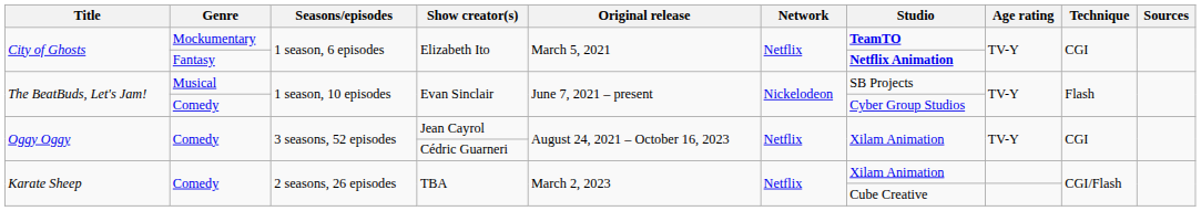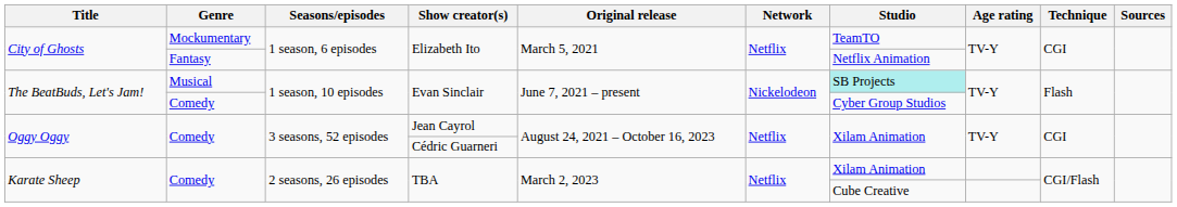 <table class="wikitable sortable" style="text-align: left; font-size:90%; width:100%;">
 <tr>
 <th>Title</th>
 <th>Genre</th>
 <th>Seasons/episodes</th>
 <th>Show creator(s)</th>
 <th>Original release</th>
 <th>Network</th>
 <th>Studio</th>
 <th>Age rating</th>
 <th>Technique</th>
 <th>Sources</th>
 </tr>
 <tr>
 <td rowspan="2"><em><a href='#'>City of Ghosts</a></em></td>
 <td><a href='#'>Mockumentary</a></td>
 <td rowspan="2">1 season, 6 episodes</td>
 <td rowspan="2">Elizabeth Ito</td>
 <td rowspan="2">March 5, 2021</td>
 <td rowspan="2"><a href='#'>Netflix</a></td>
-<td><strong><a href='#'>TeamTO</a></strong></td>
+<td><a href='#'>TeamTO</a></td>
 <td rowspan="2">TV-Y</td>
 <td rowspan="2">CGI</td>
 <td rowspan="2"></td>
 </tr>
 <tr>
 <td><a href='#'>Fantasy</a></td>
-<td><strong><a href='#'>Netflix Animation</a></strong></td>
+<td><a href='#'>Netflix Animation</a></td>
 </tr>
 <tr>
 <td rowspan="2"><em>The BeatBuds, Let's Jam!</em></td>
 <td><a href='#'>Musical</a></td>
 <td rowspan="2">1 season, 10 episodes</td>
 <td rowspan="2">Evan Sinclair</td>
 <td rowspan="2">June 7, 2021 – present</td>
 <td rowspan="2"><a href='#'>Nickelodeon</a></td>
-<td>SB Projects</td>
+<td style="background: paleturquoise;">SB Projects</td>
 <td rowspan="2">TV-Y</td>
 <td rowspan="2">Flash</td>
 <td rowspan="2"></td>
 </tr>
 <tr>
 <td><a href='#'>Comedy</a></td>
 <td><a href='#'>Cyber Group Studios</a></td>
 </tr>
 <tr>
 <td rowspan="2"><em><a href='#'>Oggy Oggy</a></em></td>
 <td rowspan="2"><a href='#'>Comedy</a></td>
 <td rowspan="2">3 seasons, 52 episodes</td>
 <td>Jean Cayrol</td>
 <td rowspan="2">August 24, 2021 – October 16, 2023</td>
 <td rowspan="2"><a href='#'>Netflix</a></td>
 <td rowspan="2"><a href='#'>Xilam Animation</a></td>
 <td rowspan="2">TV-Y</td>
 <td rowspan="2">CGI</td>
 <td rowspan="2"></td>
 </tr>
 <tr>
 <td>Cédric Guarneri</td>
 </tr>
 <tr>
 <td rowspan="2"><em>Karate Sheep</em></td>
 <td rowspan="2"><a href='#'>Comedy</a></td>
 <td rowspan="2">2 seasons, 26 episodes</td>
 <td rowspan="2">TBA</td>
 <td rowspan="2">March 2, 2023</td>
 <td rowspan="2"><a href='#'>Netflix</a></td>
 <td><a href='#'>Xilam Animation</a></td>
 <td></td>
 <td rowspan="2">CGI/Flash</td>
 <td rowspan="2"></td>
 </tr>
 <tr>
 <td>Cube Creative</td>
 <td></td>
 </tr>
 </table>
